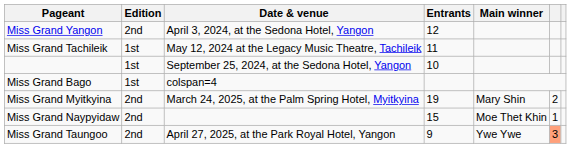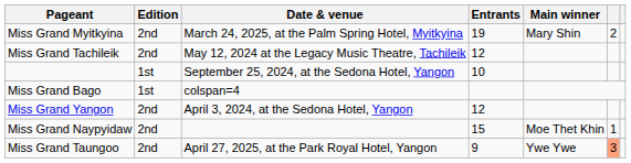 <table class="wikitable defaultcenter col3left" style="font-size: 95%;">
 <tr>
 <th class=unsortable>Pageant</th>
 <th class=unsortable>Edition</th>
 <th class=unsortable>Date & venue</th>
 <th class=unsortable>Entrants</th>
 <th>Main winner</th>
 <th></th>
 <th class=unsortable></th>
 </tr>
 <tr>
-<td><a href='#'>Miss Grand Yangon</a></td>
+<td>Miss Grand Myitkyina</td>
 <td>2nd</td>
-<td>April 3, 2024, at the Sedona Hotel, <a href='#'>Yangon</a></td>
-<td>12</td>
-<td></td>
-<td></td>
+<td>March 24, 2025, at the Palm Spring Hotel, <a href='#'>Myitkyina</a></td>
+<td>19</td>
+<td>Mary Shin</td>
+<td>2</td>
 <td></td>
 </tr>
 <tr>
 <td>Miss Grand Tachileik</td>
-<td>1st</td>
+<td>2nd</td>
 <td>May 12, 2024 at the Legacy Music Theatre, <a href='#'>Tachileik</a></td>
-<td>11</td>
+<td>12</td>
 <td></td>
 <td></td>
 <td></td>
 </tr>
 <tr>
 <td></td>
 <td>1st</td>
 <td>September 25, 2024, at the Sedona Hotel, <a href='#'>Yangon</a></td>
 <td>10</td>
 <td></td>
 <td></td>
 <td></td>
 </tr>
 <tr>
 <td>Miss Grand Bago</td>
 <td>1st</td>
 <td>colspan=4 </td>
 <td></td>
 </tr>
 <tr>
-<td>Miss Grand Myitkyina</td>
+<td><a href='#'>Miss Grand Yangon</a></td>
 <td>2nd</td>
-<td>March 24, 2025, at the Palm Spring Hotel, <a href='#'>Myitkyina</a></td>
-<td>19</td>
-<td>Mary Shin</td>
-<td>2</td>
+<td>April 3, 2024, at the Sedona Hotel, <a href='#'>Yangon</a></td>
+<td>12</td>
+<td></td>
+<td></td>
 <td></td>
 </tr>
 <tr>
 <td>Miss Grand Naypyidaw</td>
 <td>2nd</td>
 <td></td>
 <td>15</td>
 <td>Moe Thet Khin</td>
 <td>1</td>
 <td></td>
 </tr>
 <tr>
 <td>Miss Grand Taungoo</td>
 <td>2nd</td>
 <td>April 27, 2025, at the Park Royal Hotel, Yangon</td>
 <td>9</td>
 <td>Ywe Ywe</td>
 <td style="background: lightsalmon;">3</td>
 <td></td>
 </tr>
 </table>
